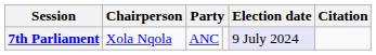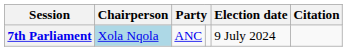 <table class="wikitable">
 <tr>
 <th>Session</th>
 <th>Chairperson</th>
 <th colspan="2">Party</th>
 <th>Election date</th>
 <th>Citation</th>
 </tr>
 <tr>
 <th><a href='#'>7th Parliament</a></th>
-<td><a href='#'>Xola Nqola</a></td>
+<td style="background: lightblue;"><a href='#'>Xola Nqola</a></td>
 <td><a href='#'>ANC</a></td>
 <td></td>
-<td style="background: lavender;">9 July 2024</td>
+<td>9 July 2024</td>
 <td></td>
 </tr>
 </table>
